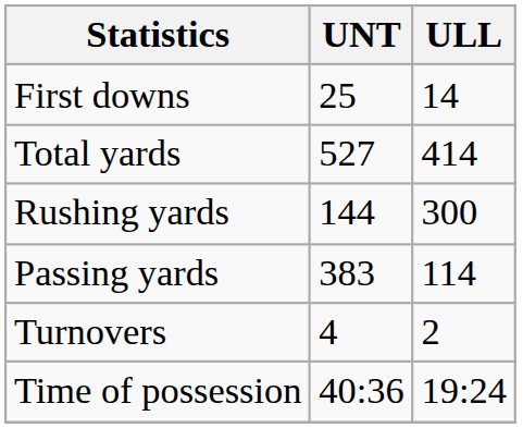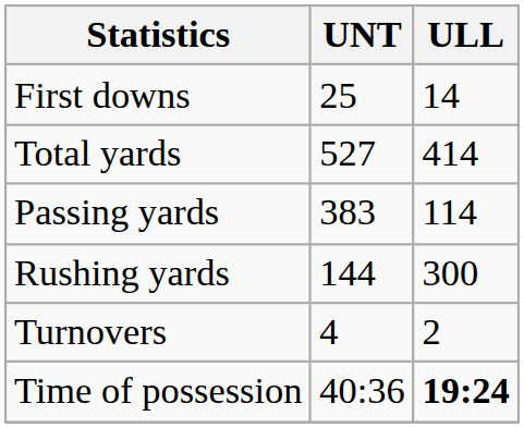 <table class="wikitable">
 <tr>
 <th>Statistics</th>
 <th>UNT</th>
 <th>ULL</th>
 </tr>
 <tr>
 <td>First downs</td>
 <td>25</td>
 <td>14</td>
 </tr>
 <tr>
 <td>Total yards</td>
 <td>527</td>
 <td>414</td>
 </tr>
 <tr>
+<td>Passing yards</td>
+<td>383</td>
+<td>114</td>
+</tr>
+<tr>
 <td>Rushing yards</td>
 <td>144</td>
 <td>300</td>
-</tr>
-<tr>
-<td>Passing yards</td>
-<td>383</td>
-<td>114</td>
 </tr>
 <tr>
 <td>Turnovers</td>
 <td>4</td>
 <td>2</td>
 </tr>
 <tr>
 <td>Time of possession</td>
 <td>40:36</td>
-<td>19:24</td>
+<td><strong>19:24</strong></td>
 </tr>
 <tr>
 </tr>
 </table>
